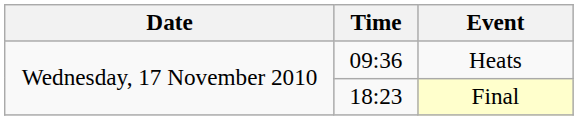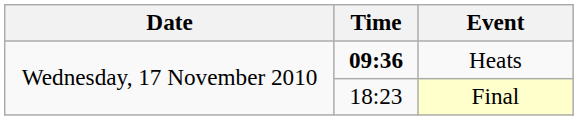 <table class = "wikitable" style="text-align:center;">
 <tr>
 <th width=220>Date</th>
 <th width=50>Time</th>
 <th width=100>Event</th>
 </tr>
 <tr>
 <td rowspan=2>Wednesday, 17 November 2010</td>
-<td>09:36</td>
+<td><strong>09:36</strong></td>
 <td>Heats</td>
 </tr>
 <tr>
 <td>18:23</td>
 <td bgcolor=ffffcc>Final</td>
 </tr>
 </table>
